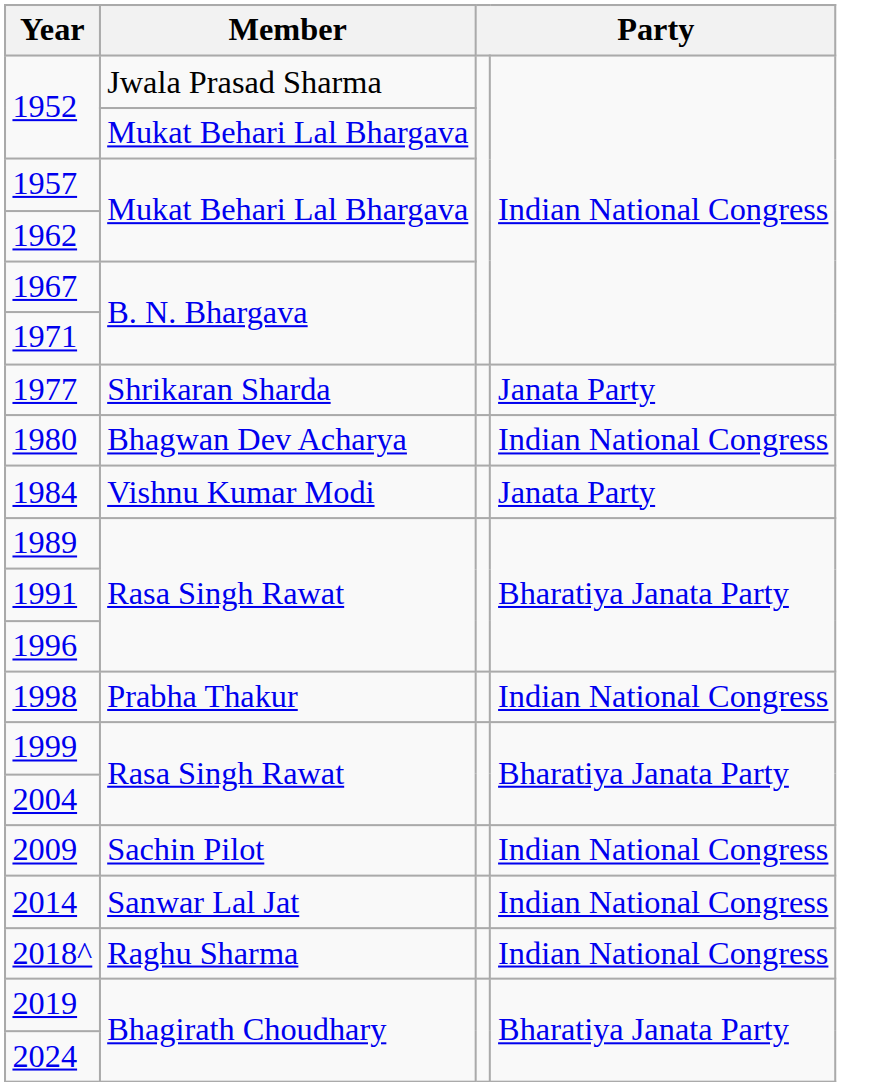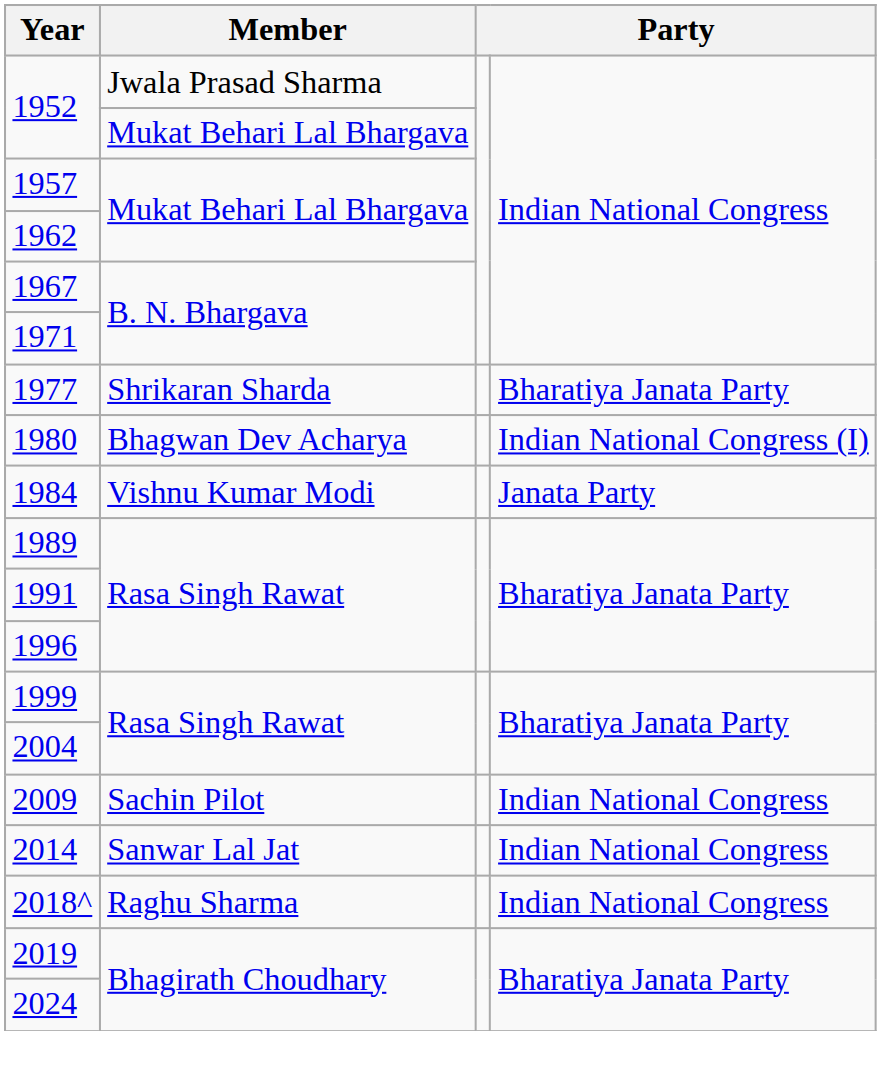 <table class="wikitable">
 <tr>
 <th>Year</th>
 <th>Member</th>
 <th colspan="2">Party</th>
 </tr>
 <tr>
 <td rowspan="2"><a href='#'>1952</a></td>
 <td>Jwala Prasad Sharma</td>
 <td rowspan="6" style="background-color: "></td>
 <td rowspan="6"><a href='#'>Indian National Congress</a></td>
 </tr>
 <tr>
 <td><a href='#'>Mukat Behari Lal Bhargava</a></td>
 </tr>
 <tr>
 <td><a href='#'>1957</a></td>
 <td rowspan="2"><a href='#'>Mukat Behari Lal Bhargava</a></td>
 </tr>
 <tr>
 <td><a href='#'>1962</a></td>
 </tr>
 <tr>
 <td><a href='#'>1967</a></td>
 <td rowspan="2"><a href='#'>B. N. Bhargava</a></td>
 </tr>
 <tr>
 <td><a href='#'>1971</a></td>
 </tr>
 <tr>
 <td><a href='#'>1977</a></td>
 <td><a href='#'>Shrikaran Sharda</a></td>
 <td style="background-color: "></td>
-<td><a href='#'>Janata Party</a></td>
+<td><a href='#'>Bharatiya Janata Party</a></td>
 </tr>
 <tr>
 <td><a href='#'>1980</a></td>
 <td><a href='#'>Bhagwan Dev Acharya</a></td>
 <td style="background-color: "></td>
-<td><a href='#'>Indian National Congress</a></td>
+<td><a href='#'>Indian National Congress (I)</a></td>
 </tr>
 <tr>
 <td><a href='#'>1984</a></td>
 <td><a href='#'>Vishnu Kumar Modi</a></td>
 <td style="background-color: "></td>
 <td><a href='#'>Janata Party</a></td>
 </tr>
 <tr>
 <td><a href='#'>1989</a></td>
 <td rowspan="3"><a href='#'>Rasa Singh Rawat</a></td>
 <td rowspan="3" style="background-color: "></td>
 <td rowspan="3"><a href='#'>Bharatiya Janata Party</a></td>
 </tr>
 <tr>
 <td><a href='#'>1991</a></td>
 </tr>
 <tr>
 <td><a href='#'>1996</a></td>
-</tr>
-<tr>
-<td><a href='#'>1998</a></td>
-<td><a href='#'>Prabha Thakur</a></td>
-<td style="background-color: "></td>
-<td><a href='#'>Indian National Congress</a></td>
 </tr>
 <tr>
 <td><a href='#'>1999</a></td>
 <td rowspan="2"><a href='#'>Rasa Singh Rawat</a></td>
 <td rowspan="2" style="background-color: "></td>
 <td rowspan="2"><a href='#'>Bharatiya Janata Party</a></td>
 </tr>
 <tr>
 <td><a href='#'>2004</a></td>
 </tr>
 <tr>
 <td><a href='#'>2009</a></td>
 <td><a href='#'>Sachin Pilot</a></td>
 <td style="background-color: "></td>
 <td><a href='#'>Indian National Congress</a></td>
 </tr>
 <tr>
 <td><a href='#'>2014</a></td>
 <td><a href='#'>Sanwar Lal Jat</a></td>
 <td style="background-color: "></td>
 <td><a href='#'>Indian National Congress</a></td>
 </tr>
 <tr>
 <td><a href='#'>2018^</a></td>
 <td><a href='#'>Raghu Sharma</a></td>
 <td style="background-color: "></td>
 <td><a href='#'>Indian National Congress</a></td>
 </tr>
 <tr>
 <td><a href='#'>2019</a></td>
 <td rowspan="2"><a href='#'>Bhagirath Choudhary</a></td>
 <td rowspan="2" style="background-color: "></td>
 <td rowspan="2"><a href='#'>Bharatiya Janata Party</a></td>
 </tr>
 <tr>
 <td><a href='#'>2024</a></td>
 </tr>
 </table>
